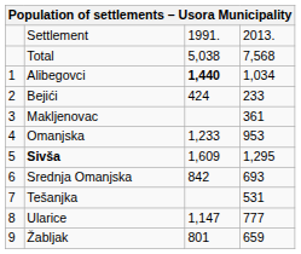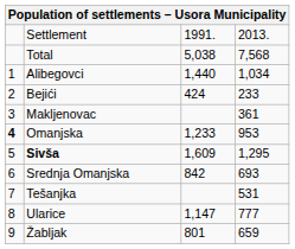 <table class="wikitable">
 <tr>
 <th colspan="4">Population of settlements – Usora Municipality</th>
 </tr>
 <tr>
 <td></td>
 <td>Settlement</td>
 <td>1991.</td>
 <td>2013.</td>
 </tr>
 <tr>
 <td></td>
 <td>Total</td>
 <td>5,038</td>
 <td>7,568</td>
 </tr>
 <tr>
 <td>1</td>
 <td>Alibegovci</td>
-<td><strong>1,440</strong></td>
+<td>1,440</td>
 <td>1,034</td>
 </tr>
 <tr>
 <td>2</td>
 <td>Bejići</td>
 <td>424</td>
 <td>233</td>
 </tr>
 <tr>
 <td>3</td>
 <td>Makljenovac</td>
 <td></td>
 <td>361</td>
 </tr>
 <tr>
-<td>4</td>
+<td><strong>4</strong></td>
 <td>Omanjska</td>
 <td>1,233</td>
 <td>953</td>
 </tr>
 <tr>
 <td>5</td>
 <td><strong>Sivša</strong></td>
 <td>1,609</td>
 <td>1,295</td>
 </tr>
 <tr>
 <td>6</td>
 <td>Srednja Omanjska</td>
 <td>842</td>
 <td>693</td>
 </tr>
 <tr>
 <td>7</td>
 <td>Tešanjka</td>
 <td></td>
 <td>531</td>
 </tr>
 <tr>
 <td>8</td>
 <td>Ularice</td>
 <td>1,147</td>
 <td>777</td>
 </tr>
 <tr>
 <td>9</td>
 <td>Žabljak</td>
 <td>801</td>
 <td>659</td>
 </tr>
 </table>
